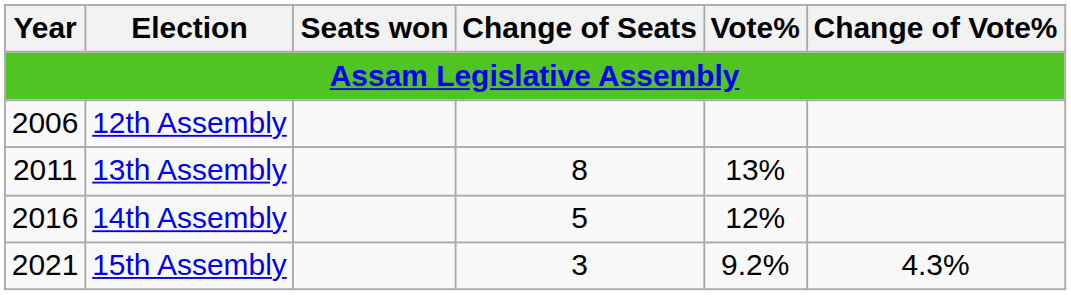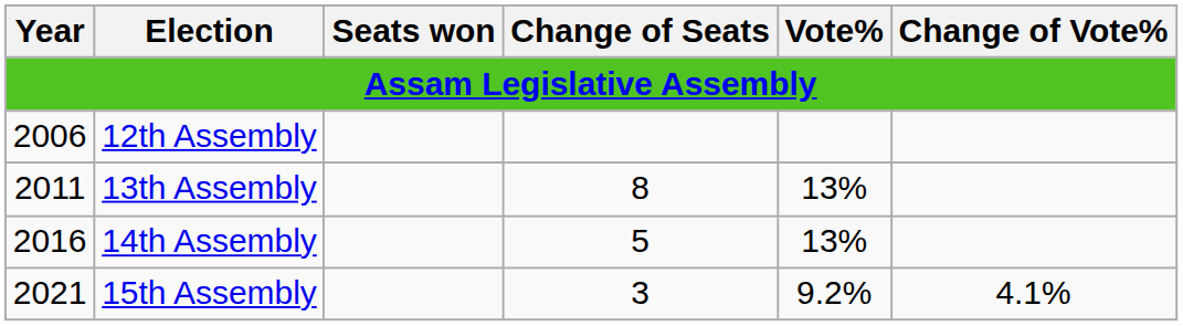 <table class="wikitable sortable">
 <tr>
 <th Style="background-color:">Year</th>
 <th Style="background-color:">Election</th>
 <th Style="background-color:">Seats won</th>
 <th Style="background-color:">Change of Seats</th>
 <th Style="background-color:">Vote%</th>
 <th Style="background-color:">Change of Vote%</th>
 </tr>
 <tr style="text-align:center;">
 <th Style="background-color:#50c423;color:white"! colspan="7"><a href='#'>Assam Legislative Assembly</a></th>
 </tr>
 <tr style="text-align:center;">
 <td>2006</td>
 <td><a href='#'>12th Assembly</a></td>
 <td></td>
 <td></td>
 <td></td>
 <td></td>
 </tr>
 <tr style="text-align:center;">
 <td>2011</td>
 <td><a href='#'>13th Assembly</a></td>
 <td></td>
 <td> 8</td>
 <td>13%</td>
 <td></td>
 </tr>
 <tr style="text-align:center;">
 <td>2016</td>
 <td><a href='#'>14th Assembly</a></td>
 <td></td>
 <td> 5</td>
-<td>12%</td>
+<td>13%</td>
 <td></td>
 </tr>
 <tr style="text-align:center;">
 <td>2021</td>
 <td><a href='#'>15th Assembly</a></td>
 <td></td>
 <td> 3</td>
 <td>9.2%</td>
-<td> 4.3%</td>
+<td> 4.1%</td>
 </tr>
 </table>
